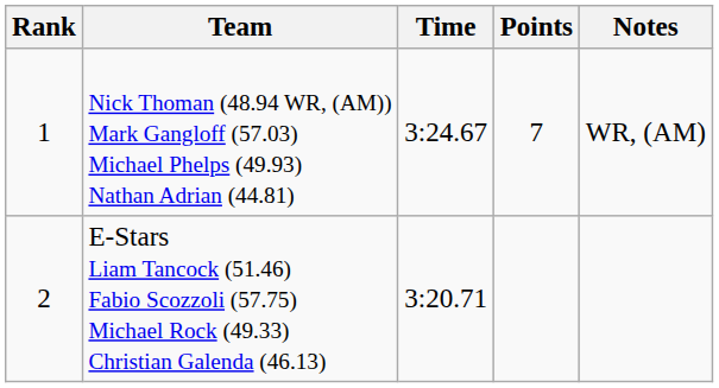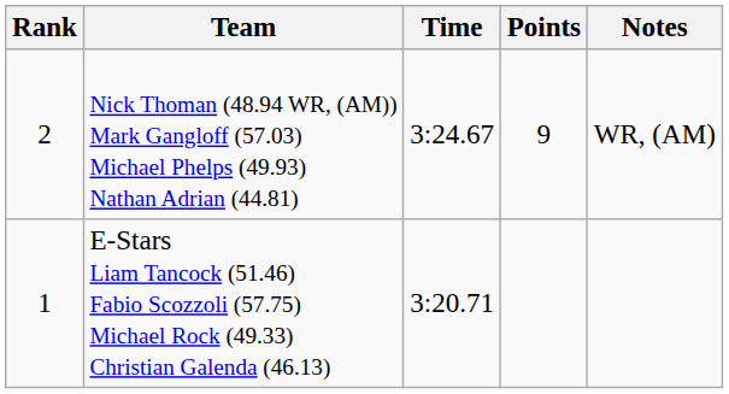 <table class="wikitable" style="text-align:center">
 <tr>
 <th>Rank</th>
 <th>Team</th>
 <th>Time</th>
 <th>Points</th>
 <th>Notes</th>
 </tr>
 <tr>
-<td>1</td>
+<td>2</td>
 <td align="left"> <br><small><a href='#'>Nick Thoman</a> (48.94 WR, (AM))<br><a href='#'>Mark Gangloff</a> (57.03)<br><a href='#'>Michael Phelps</a> (49.93)<br><a href='#'>Nathan Adrian</a> (44.81)</small></td>
 <td>3:24.67</td>
-<td>7</td>
+<td>9</td>
 <td>WR, (AM)</td>
 </tr>
 <tr>
-<td>2</td>
+<td>1</td>
 <td align="left">E-Stars <br><small><a href='#'>Liam Tancock</a> (51.46)<br><a href='#'>Fabio Scozzoli</a> (57.75)<br><a href='#'>Michael Rock</a> (49.33)<br><a href='#'>Christian Galenda</a> (46.13)</small></td>
 <td>3:20.71</td>
 <td></td>
 <td></td>
 </tr>
 </table>
